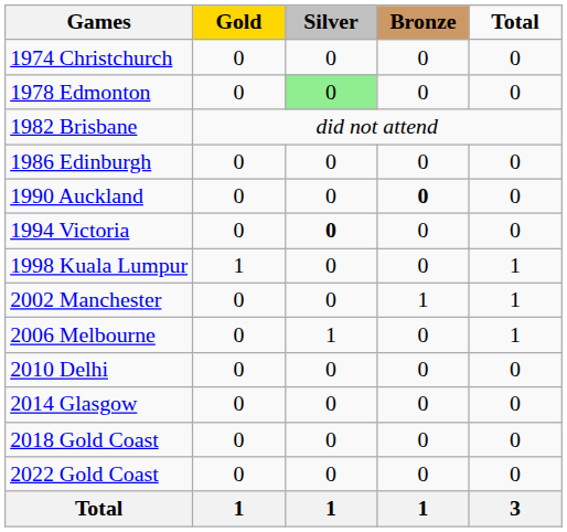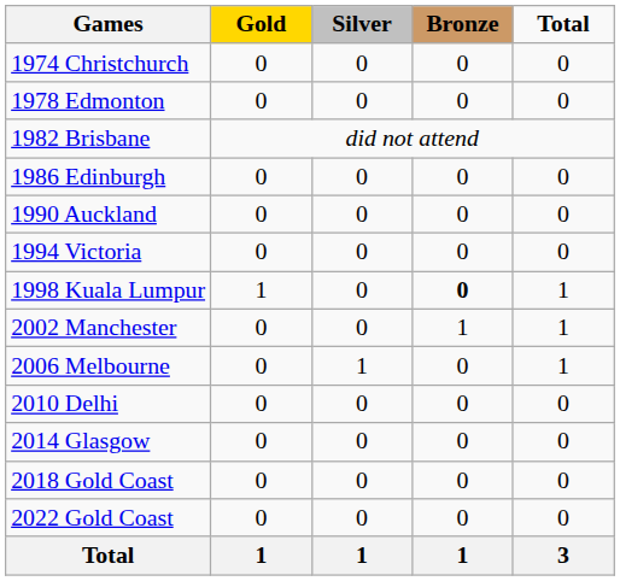 <table class="wikitable" style="text-align:center">
 <tr>
 <th>Games</th>
 <td width=60 bgcolor=gold><strong>Gold</strong></td>
 <td width=60 bgcolor=silver><strong>Silver</strong></td>
 <td width=60 bgcolor=cc9966><strong>Bronze</strong></td>
 <td width=60><strong>Total</strong></td>
 </tr>
 <tr>
 <td align=left><a href='#'>1974 Christchurch</a></td>
 <td>0</td>
 <td>0</td>
 <td>0</td>
 <td>0</td>
 </tr>
 <tr>
 <td align=left><a href='#'>1978 Edmonton</a></td>
 <td>0</td>
-<td style="background: lightgreen;">0</td>
+<td>0</td>
 <td>0</td>
 <td>0</td>
 </tr>
 <tr>
 <td align=left><a href='#'>1982 Brisbane</a></td>
 <td colspan=4><em>did not attend</em></td>
 </tr>
 <tr>
 <td align=left><a href='#'>1986 Edinburgh</a></td>
 <td>0</td>
 <td>0</td>
 <td>0</td>
 <td>0</td>
 </tr>
 <tr>
 <td align=left><a href='#'>1990 Auckland</a></td>
 <td>0</td>
 <td>0</td>
-<td><strong>0</strong></td>
+<td>0</td>
 <td>0</td>
 </tr>
 <tr>
 <td align=left><a href='#'>1994 Victoria</a></td>
 <td>0</td>
-<td><strong>0</strong></td>
+<td>0</td>
 <td>0</td>
 <td>0</td>
 </tr>
 <tr>
 <td align=left><a href='#'>1998 Kuala Lumpur</a></td>
 <td>1</td>
 <td>0</td>
-<td>0</td>
+<td><strong>0</strong></td>
 <td>1</td>
 </tr>
 <tr>
 <td align=left><a href='#'>2002 Manchester</a></td>
 <td>0</td>
 <td>0</td>
 <td>1</td>
 <td>1</td>
 </tr>
 <tr>
 <td align=left><a href='#'>2006 Melbourne</a></td>
 <td>0</td>
 <td>1</td>
 <td>0</td>
 <td>1</td>
 </tr>
 <tr>
 <td align=left><a href='#'>2010 Delhi</a></td>
 <td>0</td>
 <td>0</td>
 <td>0</td>
 <td>0</td>
 </tr>
 <tr>
 <td align=left><a href='#'>2014 Glasgow</a></td>
 <td>0</td>
 <td>0</td>
 <td>0</td>
 <td>0</td>
 </tr>
 <tr>
 <td align=left><a href='#'>2018 Gold Coast</a></td>
 <td>0</td>
 <td>0</td>
 <td>0</td>
 <td>0</td>
 </tr>
 <tr>
 <td align=left><a href='#'>2022 Gold Coast</a></td>
 <td>0</td>
 <td>0</td>
 <td>0</td>
 <td>0</td>
 </tr>
 <tr>
 <th>Total</th>
 <th>1</th>
 <th>1</th>
 <th>1</th>
 <th>3</th>
 </tr>
 </table>
